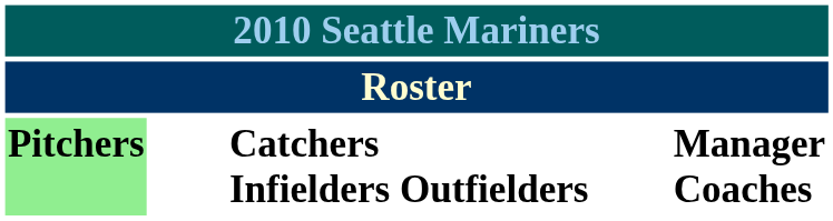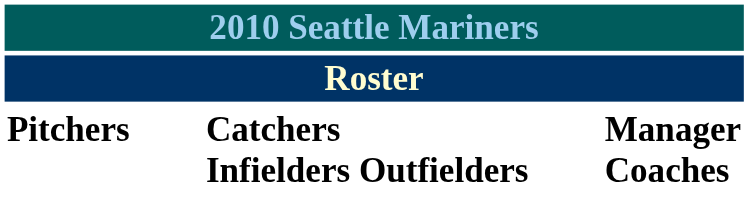 <table class="toccolours" style="font-size: 95%;">
 <tr>
 <th colspan=10 style="background-color: #005c5c; color:#9ECEEE; text-align: center;">2010 Seattle Mariners</th>
 </tr>
 <tr>
 <td colspan=10 style="background-color: #003366; color: #FFFDD0; text-align: center;"><strong>Roster</strong></td>
 </tr>
 <tr>
-<td valign="top" style="background: lightgreen;"><strong>Pitchers</strong><br>                     </td>
+<td valign="top"><strong>Pitchers</strong><br>                     </td>
 <td width="25px"></td>
 <td valign="top"><strong>Catchers</strong><br>     <strong>Infielders</strong>             <strong>Outfielders</strong>        </td>
 <td width="25px"></td>
 <td valign="top"><strong>Manager</strong><br>  <strong>Coaches</strong>                    </td>
 </tr>
 </table>
